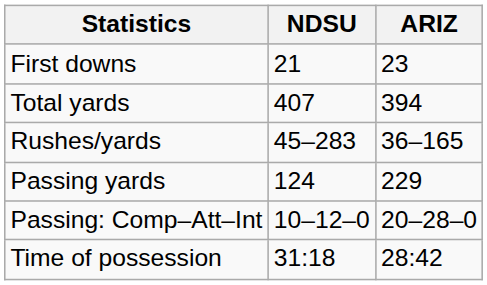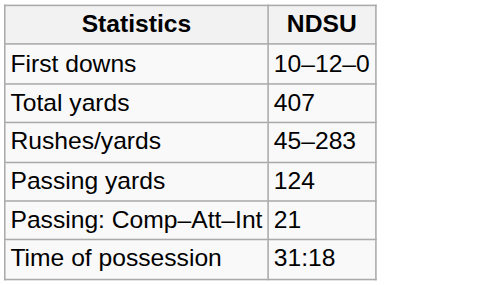 <table class="wikitable" style="float: left;">
 <tr>
 <th>Statistics</th>
 <th>NDSU</th>
-<th>ARIZ</th>
 </tr>
 <tr>
 <td>First downs</td>
-<td>21</td>
-<td>23</td>
+<td>10–12–0</td>
 </tr>
 <tr>
 <td>Total yards</td>
 <td>407</td>
-<td>394</td>
 </tr>
 <tr>
 <td>Rushes/yards</td>
 <td>45–283</td>
-<td>36–165</td>
 </tr>
 <tr>
 <td>Passing yards</td>
 <td>124</td>
-<td>229</td>
 </tr>
 <tr>
 <td>Passing: Comp–Att–Int</td>
-<td>10–12–0</td>
-<td>20–28–0</td>
+<td>21</td>
 </tr>
 <tr>
 <td>Time of possession</td>
 <td>31:18</td>
-<td>28:42</td>
 </tr>
 </table>
